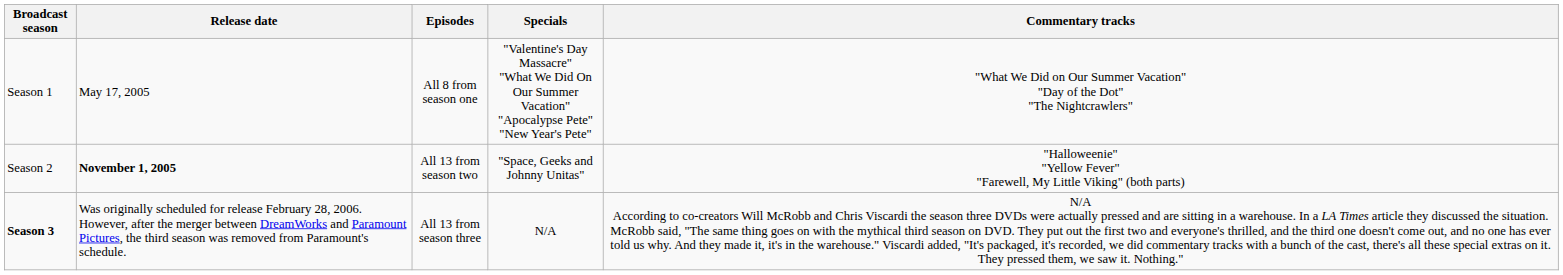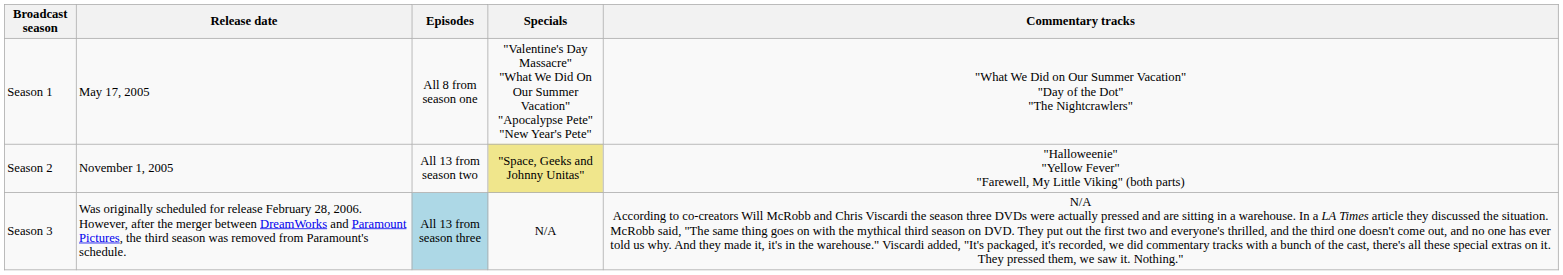 <table class="wikitable">
 <tr>
 <th>Broadcast season</th>
 <th>Release date</th>
 <th>Episodes</th>
 <th>Specials</th>
 <th>Commentary tracks</th>
 </tr>
 <tr>
 <td>Season 1</td>
 <td>May 17, 2005</td>
 <td style="text-align:center;">All 8 from season one</td>
 <td style="text-align:center;">"Valentine's Day Massacre"<br>"What We Did On Our Summer Vacation"<br>"Apocalypse Pete"<br>"New Year's Pete"</td>
 <td style="text-align:center;">"What We Did on Our Summer Vacation"<br>"Day of the Dot"<br>"The Nightcrawlers"</td>
 </tr>
 <tr>
 <td>Season 2</td>
-<td><strong>November 1, 2005</strong></td>
+<td>November 1, 2005</td>
 <td style="text-align:center;">All 13 from season two</td>
-<td style="text-align:center;">"Space, Geeks and Johnny Unitas"</td>
+<td style="background: khaki; text-align:center;">"Space, Geeks and Johnny Unitas"</td>
 <td style="text-align:center;">"Halloweenie"<br>"Yellow Fever"<br>"Farewell, My Little Viking" (both parts)</td>
 </tr>
 <tr>
-<td><strong>Season 3</strong></td>
+<td>Season 3</td>
 <td>Was originally scheduled for release February 28, 2006. However, after the merger between <a href='#'>DreamWorks</a> and <a href='#'>Paramount Pictures</a>, the third season was removed from Paramount's schedule.</td>
-<td style="text-align:center;">All 13 from season three</td>
+<td style="background: lightblue; text-align:center;">All 13 from season three</td>
 <td style="text-align:center;">N/A</td>
 <td style="text-align:center;">N/A<br>According to co-creators Will McRobb and Chris Viscardi the season three DVDs were actually pressed and are sitting in a warehouse. In a <em>LA Times</em> article they discussed the situation. McRobb said, "The same thing goes on with the mythical third season on DVD. They put out the first two and everyone's thrilled, and the third one doesn't come out, and no one has ever told us why. And they made it, it's in the warehouse." Viscardi added, "It's packaged, it's recorded, we did commentary tracks with a bunch of the cast, there's all these special extras on it. They pressed them, we saw it. Nothing."</td>
 </tr>
 </table>
